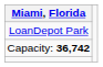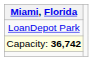 <table class="wikitable" style="text-align:center">
 <tr>
 <th><a href='#'>Miami</a>, <a href='#'>Florida</a></th>
 <td rowspan=4></td>
 </tr>
 <tr>
 <td><a href='#'>LoanDepot Park</a></td>
 </tr>
 <tr>
-<td>Capacity: <strong>36,742</strong></td>
+<td style="background: lightyellow;">Capacity: <strong>36,742</strong></td>
 </tr>
 <tr>
 <td></td>
 </tr>
 </table>
